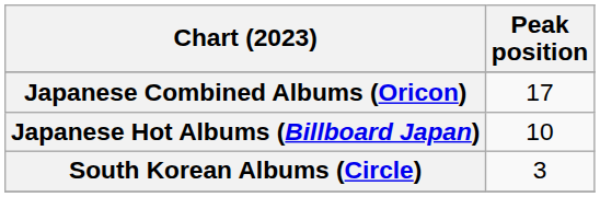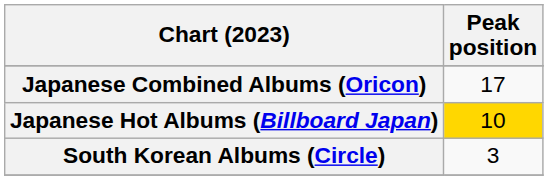 <table class="wikitable sortable plainrowheaders" style="text-align:center;">
 <tr>
 <th scope="col">Chart (2023)</th>
 <th scope="col">Peak<br>position</th>
 </tr>
 <tr>
 </tr>
 <tr>
 <th scope="row">Japanese Combined Albums (<a href='#'>Oricon</a>)</th>
 <td>17</td>
 </tr>
 <tr>
 <th scope="row">Japanese Hot Albums (<em><a href='#'>Billboard Japan</a></em>)</th>
-<td>10</td>
+<td style="background: gold;">10</td>
 </tr>
 <tr>
 <th scope="row">South Korean Albums (<a href='#'>Circle</a>)</th>
 <td>3</td>
 </tr>
 <tr>
 </tr>
 </table>
